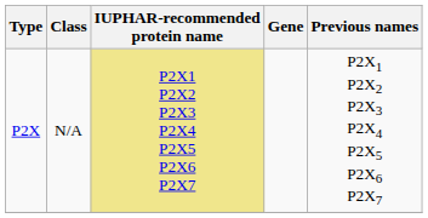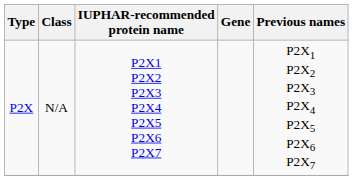 <table class="wikitable" style="text-align:center;">
 <tr>
 <th>Type</th>
 <th>Class</th>
 <th>IUPHAR-recommended<br> protein name </th>
 <th>Gene</th>
 <th>Previous names</th>
 </tr>
 <tr>
 <td><a href='#'>P2X</a></td>
 <td>N/A</td>
-<td style="background: khaki;"><a href='#'>P2X1</a><br><a href='#'>P2X2</a><br><a href='#'>P2X3</a><br><a href='#'>P2X4</a><br><a href='#'>P2X5</a><br><a href='#'>P2X6</a><br><a href='#'>P2X7</a></td>
+<td><a href='#'>P2X1</a><br><a href='#'>P2X2</a><br><a href='#'>P2X3</a><br><a href='#'>P2X4</a><br><a href='#'>P2X5</a><br><a href='#'>P2X6</a><br><a href='#'>P2X7</a></td>
 <td><br><br><br><br><br><br></td>
 <td>P2X<sub>1</sub><br>P2X<sub>2</sub><br>P2X<sub>3</sub><br>P2X<sub>4</sub><br>P2X<sub>5</sub><br>P2X<sub>6</sub><br>P2X<sub>7</sub></td>
 </tr>
 <tr>
 </tr>
 </table>
